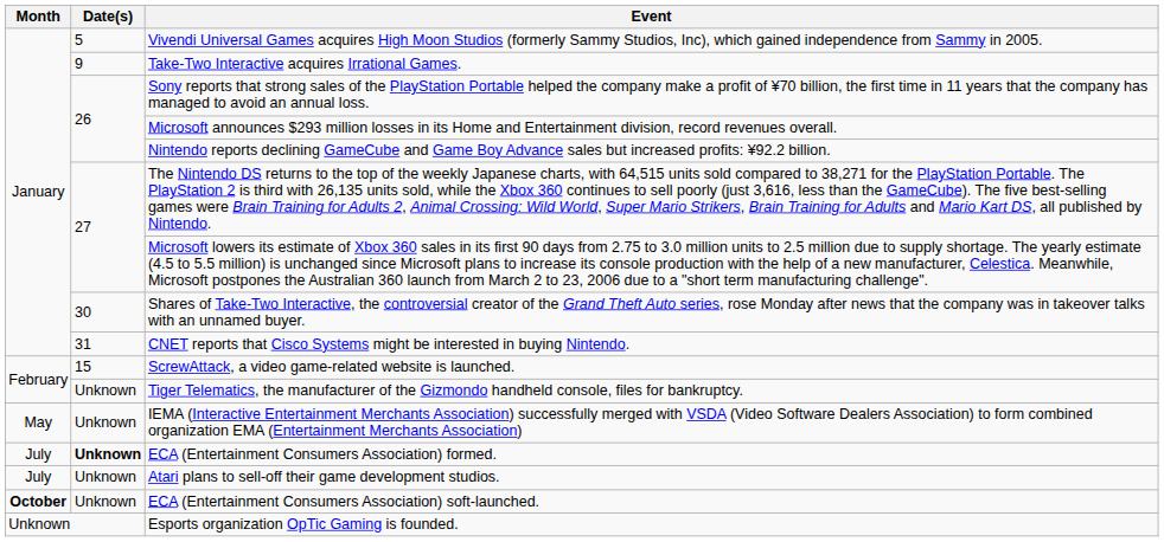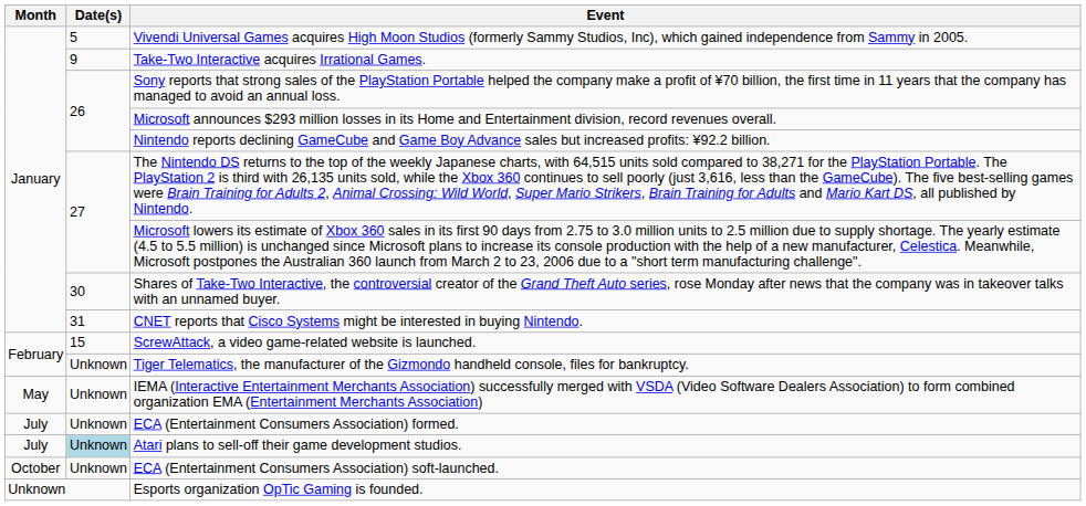 <table class="wikitable">
 <tr>
 <th>Month</th>
 <th>Date(s)</th>
 <th>Event</th>
 </tr>
 <tr>
 <td rowspan="9" style="text-align:center">January</td>
 <td>5</td>
 <td><a href='#'>Vivendi Universal Games</a> acquires <a href='#'>High Moon Studios</a> (formerly Sammy Studios, Inc), which gained independence from <a href='#'>Sammy</a> in 2005.</td>
 </tr>
 <tr>
 <td>9</td>
 <td><a href='#'>Take-Two Interactive</a> acquires <a href='#'>Irrational Games</a>.</td>
 </tr>
 <tr>
 <td rowspan="3">26</td>
 <td><a href='#'>Sony</a> reports that strong sales of the <a href='#'>PlayStation Portable</a> helped the company make a profit of ¥70 billion, the first time in 11 years that the company has managed to avoid an annual loss.</td>
 </tr>
 <tr>
 <td><a href='#'>Microsoft</a> announces $293 million losses in its Home and Entertainment division, record revenues overall.</td>
 </tr>
 <tr>
 <td><a href='#'>Nintendo</a> reports declining <a href='#'>GameCube</a> and <a href='#'>Game Boy Advance</a> sales but increased profits: ¥92.2 billion.</td>
 </tr>
 <tr>
 <td rowspan="2">27</td>
 <td>The <a href='#'>Nintendo DS</a> returns to the top of the weekly Japanese charts, with 64,515 units sold compared to 38,271 for the <a href='#'>PlayStation Portable</a>. The <a href='#'>PlayStation 2</a> is third with 26,135 units sold, while the <a href='#'>Xbox 360</a> continues to sell poorly (just 3,616, less than the <a href='#'>GameCube</a>). The five best-selling games were <em><a href='#'>Brain Training for Adults 2</a></em>, <em><a href='#'>Animal Crossing: Wild World</a></em>, <em><a href='#'>Super Mario Strikers</a></em>, <em><a href='#'>Brain Training for Adults</a></em> and <em><a href='#'>Mario Kart DS</a></em>, all published by <a href='#'>Nintendo</a>.</td>
 </tr>
 <tr>
 <td><a href='#'>Microsoft</a> lowers its estimate of <a href='#'>Xbox 360</a> sales in its first 90 days from 2.75 to 3.0 million units to 2.5 million due to supply shortage. The yearly estimate (4.5 to 5.5 million) is unchanged since Microsoft plans to increase its console production with the help of a new manufacturer, <a href='#'>Celestica</a>. Meanwhile, Microsoft postpones the Australian 360 launch from March 2 to 23, 2006 due to a "short term manufacturing challenge".</td>
 </tr>
 <tr>
 <td>30</td>
 <td>Shares of <a href='#'>Take-Two Interactive</a>, the <a href='#'>controversial</a> creator of the <a href='#'><em>Grand Theft Auto</em> series</a>, rose Monday after news that the company was in takeover talks with an unnamed buyer.</td>
 </tr>
 <tr>
 <td>31</td>
 <td><a href='#'>CNET</a> reports that <a href='#'>Cisco Systems</a> might be interested in buying <a href='#'>Nintendo</a>.</td>
 </tr>
 <tr>
 <td rowspan="2">February</td>
 <td>15</td>
 <td><a href='#'>ScrewAttack</a>, a video game-related website is launched.</td>
 </tr>
 <tr>
 <td>Unknown</td>
 <td><a href='#'>Tiger Telematics</a>, the manufacturer of the <a href='#'>Gizmondo</a> handheld console, files for bankruptcy.</td>
 </tr>
 <tr>
 <td rowspan="1" style="text-align:center">May</td>
 <td>Unknown</td>
 <td>IEMA (<a href='#'>Interactive Entertainment Merchants Association</a>) successfully merged with <a href='#'>VSDA</a> (Video Software Dealers Association) to form combined organization EMA (<a href='#'>Entertainment Merchants Association</a>)</td>
 </tr>
 <tr>
 <td rowspan="1" style="text-align:center">July</td>
-<td><strong>Unknown</strong></td>
+<td>Unknown</td>
 <td><a href='#'>ECA</a> (Entertainment Consumers Association) formed.</td>
 </tr>
 <tr>
 <td rowspan="1" style="text-align:center">July</td>
-<td>Unknown</td>
+<td style="background: lightblue;">Unknown</td>
 <td><a href='#'>Atari</a> plans to sell-off their game development studios.</td>
 </tr>
 <tr>
-<td rowspan="1" style="text-align:center"><strong>October</strong></td>
+<td rowspan="1" style="text-align:center">October</td>
 <td>Unknown</td>
 <td><a href='#'>ECA</a> (Entertainment Consumers Association) soft-launched.</td>
 </tr>
 <tr>
 <td colspan="2">Unknown</td>
 <td>Esports organization <a href='#'>OpTic Gaming</a> is founded.</td>
 </tr>
 </table>
